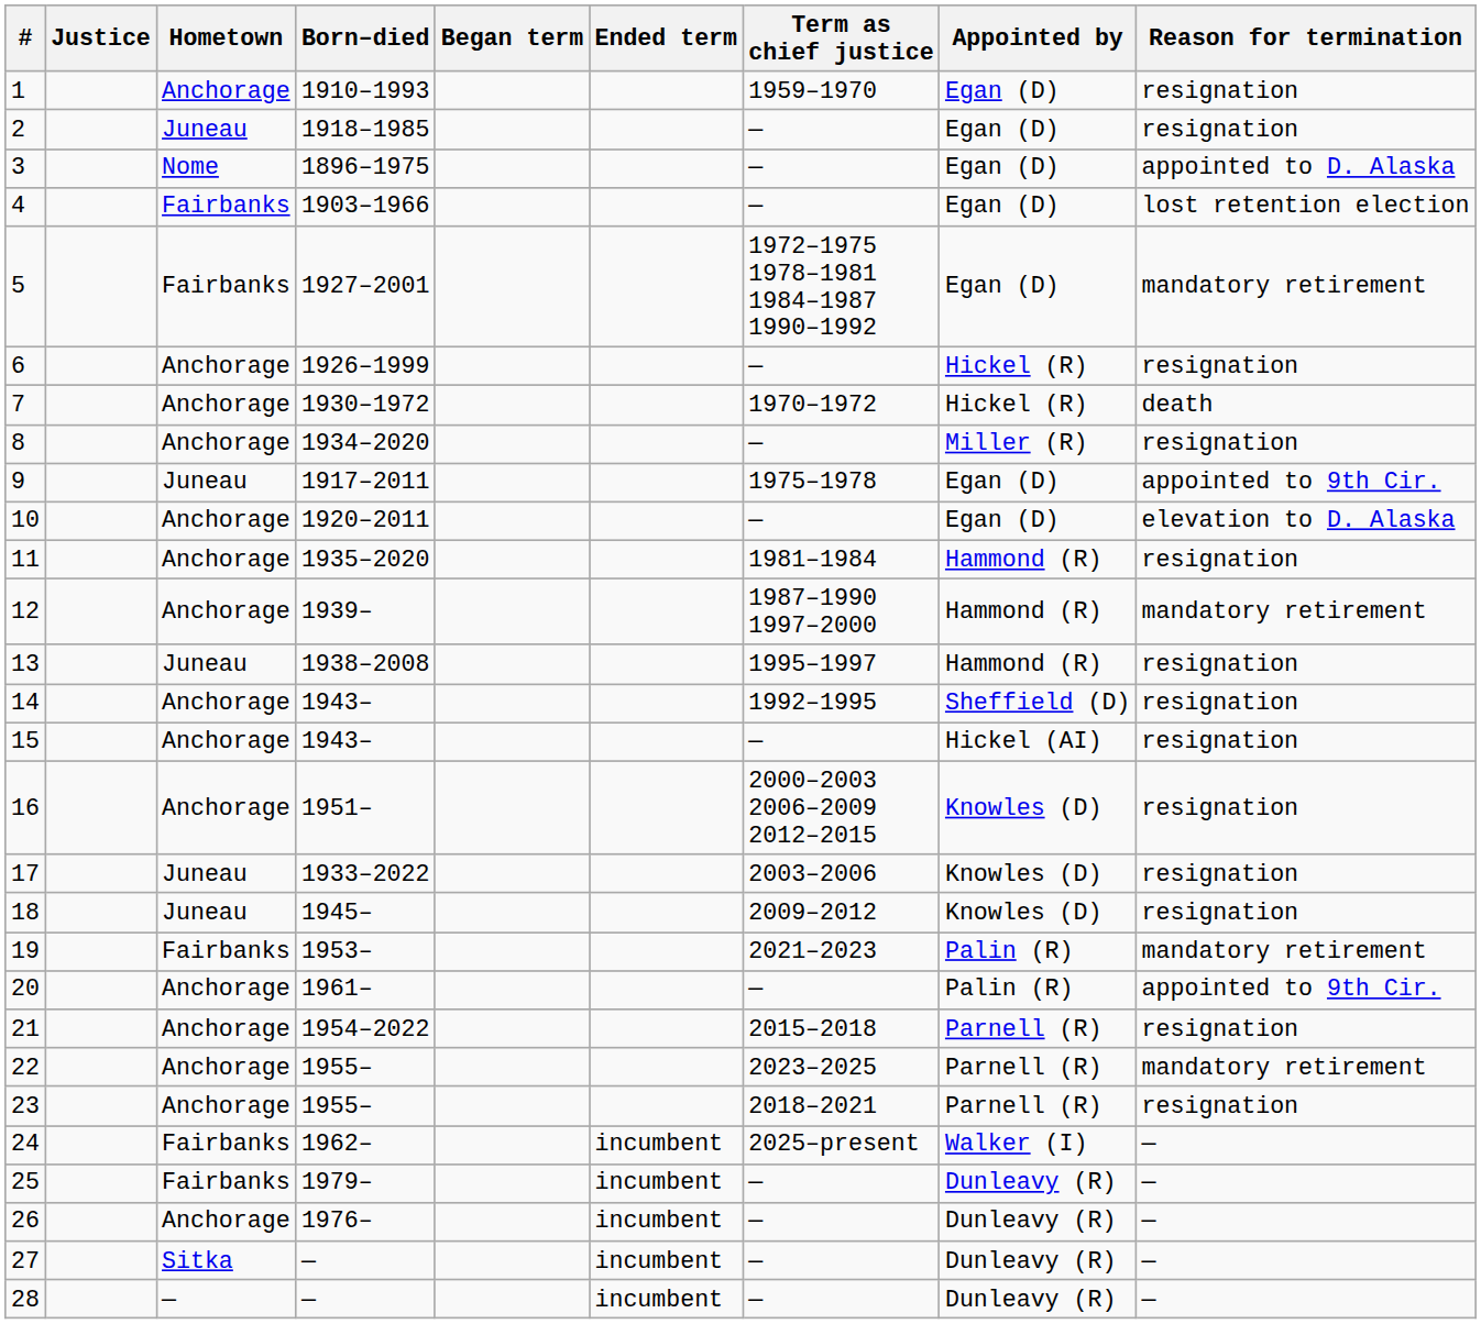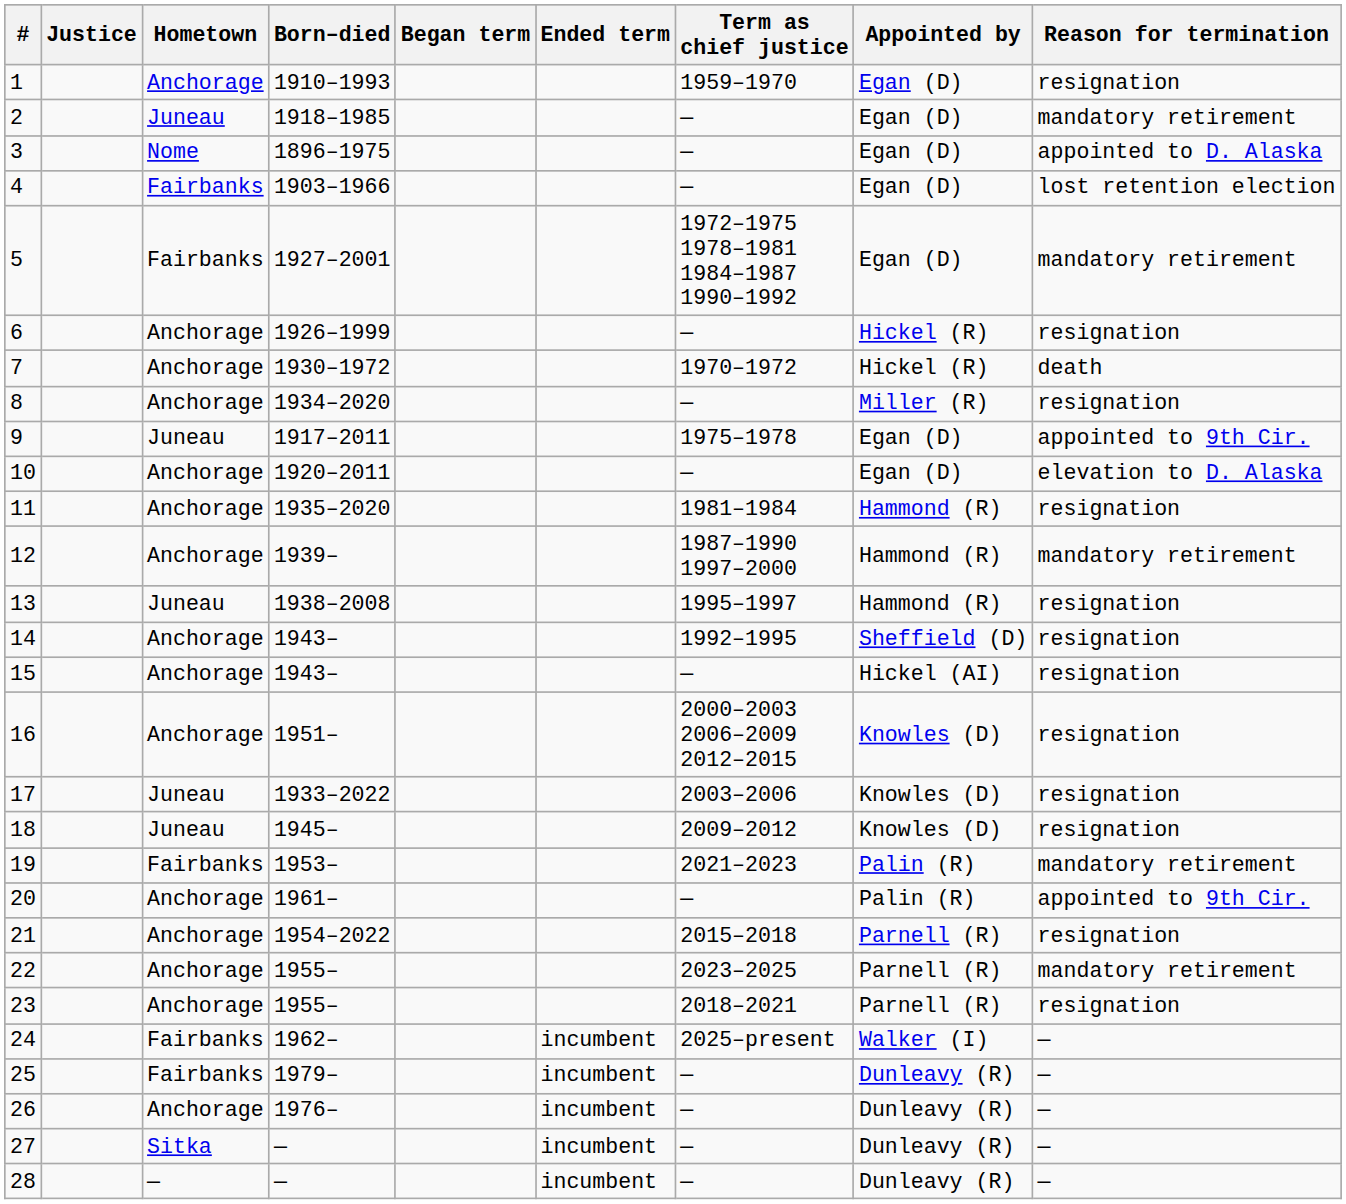 <table class="sortable wikitable">
 <tr>
 <th>#</th>
 <th>Justice</th>
 <th>Hometown</th>
 <th>Born–died</th>
 <th>Began term</th>
 <th>Ended term</th>
 <th>Term as<br>chief justice</th>
 <th>Appointed by</th>
 <th>Reason for termination</th>
 </tr>
 <tr>
 <td>1</td>
 <td style=white-space:nowrap></td>
 <td><a href='#'>Anchorage</a></td>
 <td>1910–1993</td>
 <td></td>
 <td></td>
 <td>1959–1970</td>
 <td><a href='#'>Egan</a> (D)</td>
 <td>resignation</td>
 </tr>
 <tr>
 <td>2</td>
 <td style=white-space:nowrap></td>
 <td><a href='#'>Juneau</a></td>
 <td>1918–1985</td>
 <td></td>
 <td></td>
 <td>—</td>
 <td>Egan (D)</td>
-<td>resignation</td>
+<td>mandatory retirement</td>
 </tr>
 <tr>
 <td>3</td>
 <td style=white-space:nowrap></td>
 <td><a href='#'>Nome</a></td>
 <td>1896–1975</td>
 <td></td>
 <td></td>
 <td>—</td>
 <td>Egan (D)</td>
 <td>appointed to <a href='#'>D. Alaska</a></td>
 </tr>
 <tr>
 <td>4</td>
 <td style=white-space:nowrap></td>
 <td><a href='#'>Fairbanks</a></td>
 <td>1903–1966</td>
 <td></td>
 <td></td>
 <td>—</td>
 <td>Egan (D)</td>
 <td>lost retention election</td>
 </tr>
 <tr>
 <td>5</td>
 <td style=white-space:nowrap></td>
 <td>Fairbanks</td>
 <td>1927–2001</td>
 <td></td>
 <td></td>
 <td>1972–1975<br>1978–1981<br>1984–1987<br>1990–1992</td>
 <td>Egan (D)</td>
 <td>mandatory retirement</td>
 </tr>
 <tr>
 <td>6</td>
 <td style=white-space:nowrap></td>
 <td>Anchorage</td>
 <td>1926–1999</td>
 <td></td>
 <td></td>
 <td>—</td>
 <td><a href='#'>Hickel</a> (R)</td>
 <td>resignation</td>
 </tr>
 <tr>
 <td>7</td>
 <td style=white-space:nowrap></td>
 <td>Anchorage</td>
 <td>1930–1972</td>
 <td></td>
 <td></td>
 <td>1970–1972</td>
 <td>Hickel (R)</td>
 <td>death</td>
 </tr>
 <tr>
 <td>8</td>
 <td style=white-space:nowrap></td>
 <td>Anchorage</td>
 <td>1934–2020</td>
 <td></td>
 <td></td>
 <td>—</td>
 <td><a href='#'>Miller</a> (R)</td>
 <td>resignation</td>
 </tr>
 <tr>
 <td>9</td>
 <td style=white-space:nowrap></td>
 <td>Juneau</td>
 <td>1917–2011</td>
 <td></td>
 <td></td>
 <td>1975–1978</td>
 <td>Egan (D)</td>
 <td>appointed to <a href='#'>9th Cir.</a></td>
 </tr>
 <tr>
 <td>10</td>
 <td style=white-space:nowrap></td>
 <td>Anchorage</td>
 <td>1920–2011</td>
 <td></td>
 <td></td>
 <td>—</td>
 <td>Egan (D)</td>
 <td>elevation to <a href='#'>D. Alaska</a></td>
 </tr>
 <tr>
 <td>11</td>
 <td style=white-space:nowrap></td>
 <td>Anchorage</td>
 <td>1935–2020</td>
 <td></td>
 <td></td>
 <td>1981–1984</td>
 <td><a href='#'>Hammond</a> (R)</td>
 <td>resignation</td>
 </tr>
 <tr>
 <td>12</td>
 <td style=white-space:nowrap></td>
 <td>Anchorage</td>
 <td>1939–</td>
 <td></td>
 <td></td>
 <td>1987–1990<br>1997–2000</td>
 <td>Hammond (R)</td>
 <td>mandatory retirement</td>
 </tr>
 <tr>
 <td>13</td>
 <td style=white-space:nowrap></td>
 <td>Juneau</td>
 <td>1938–2008</td>
 <td></td>
 <td></td>
 <td>1995–1997</td>
 <td>Hammond (R)</td>
 <td>resignation</td>
 </tr>
 <tr>
 <td>14</td>
 <td style=white-space:nowrap></td>
 <td>Anchorage</td>
 <td>1943–</td>
 <td></td>
 <td></td>
 <td>1992–1995</td>
 <td><a href='#'>Sheffield</a> (D)</td>
 <td>resignation</td>
 </tr>
 <tr>
 <td>15</td>
 <td style=white-space:nowrap></td>
 <td>Anchorage</td>
 <td>1943–</td>
 <td></td>
 <td></td>
 <td>—</td>
 <td style="background:">Hickel (AI)</td>
 <td>resignation</td>
 </tr>
 <tr>
 <td>16</td>
 <td style=white-space:nowrap></td>
 <td>Anchorage</td>
 <td>1951–</td>
 <td></td>
 <td></td>
 <td>2000–2003<br>2006–2009<br>2012–2015</td>
 <td><a href='#'>Knowles</a> (D)</td>
 <td>resignation</td>
 </tr>
 <tr>
 <td>17</td>
 <td style=white-space:nowrap></td>
 <td>Juneau</td>
 <td>1933–2022</td>
 <td></td>
 <td></td>
 <td>2003–2006</td>
 <td>Knowles (D)</td>
 <td>resignation</td>
 </tr>
 <tr>
 <td>18</td>
 <td style=white-space:nowrap></td>
 <td>Juneau</td>
 <td>1945–</td>
 <td></td>
 <td></td>
 <td>2009–2012</td>
 <td>Knowles (D)</td>
 <td>resignation</td>
 </tr>
 <tr>
 <td>19</td>
 <td style=white-space:nowrap></td>
 <td>Fairbanks</td>
 <td>1953–</td>
 <td></td>
 <td></td>
 <td>2021–2023</td>
 <td><a href='#'>Palin</a> (R)</td>
 <td>mandatory retirement</td>
 </tr>
 <tr>
 <td>20</td>
 <td style=white-space:nowrap></td>
 <td>Anchorage</td>
 <td>1961–</td>
 <td></td>
 <td></td>
 <td>—</td>
 <td>Palin (R)</td>
 <td>appointed to <a href='#'>9th Cir.</a></td>
 </tr>
 <tr>
 <td>21</td>
 <td style=white-space:nowrap></td>
 <td>Anchorage</td>
 <td>1954–2022</td>
 <td></td>
 <td></td>
 <td>2015–2018</td>
 <td><a href='#'>Parnell</a> (R)</td>
 <td>resignation</td>
 </tr>
 <tr>
 <td>22</td>
 <td style=white-space:nowrap></td>
 <td>Anchorage</td>
 <td>1955–</td>
 <td></td>
 <td></td>
 <td>2023–2025</td>
 <td>Parnell (R)</td>
 <td>mandatory retirement</td>
 </tr>
 <tr>
 <td>23</td>
 <td style=white-space:nowrap></td>
 <td>Anchorage</td>
 <td>1955–</td>
 <td></td>
 <td></td>
 <td>2018–2021</td>
 <td>Parnell (R)</td>
 <td>resignation</td>
 </tr>
 <tr>
 <td>24</td>
 <td style=white-space:nowrap><strong></strong></td>
 <td>Fairbanks</td>
 <td>1962–</td>
 <td></td>
 <td>incumbent</td>
 <td>2025–present</td>
 <td><a href='#'>Walker</a> (I)</td>
 <td>—</td>
 </tr>
 <tr>
 <td>25</td>
 <td style=white-space:nowrap><strong></strong></td>
 <td>Fairbanks</td>
 <td>1979–</td>
 <td></td>
 <td>incumbent</td>
 <td>—</td>
 <td><a href='#'>Dunleavy</a> (R)</td>
 <td>—</td>
 </tr>
 <tr>
 <td>26</td>
 <td style=white-space:nowrap><strong></strong></td>
 <td>Anchorage</td>
 <td>1976–</td>
 <td></td>
 <td>incumbent</td>
 <td>—</td>
 <td>Dunleavy (R)</td>
 <td>—</td>
 </tr>
 <tr>
 <td>27</td>
 <td style=white-space:nowrap><strong></strong></td>
 <td><a href='#'>Sitka</a></td>
 <td>—</td>
 <td></td>
 <td>incumbent</td>
 <td>—</td>
 <td>Dunleavy (R)</td>
 <td>—</td>
 </tr>
 <tr>
 <td>28</td>
 <td style=white-space:nowrap><strong></strong></td>
 <td>—</td>
 <td>—</td>
 <td></td>
 <td>incumbent</td>
 <td>—</td>
 <td>Dunleavy (R)</td>
 <td>—</td>
 </tr>
 </table>
